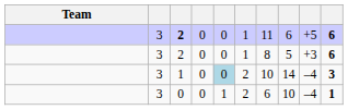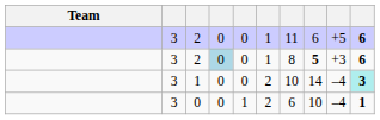 <table class="wikitable" style="text-align: center;">
 <tr>
 <th style="width:175px;">Team</th>
 <th width="20"></th>
 <th width="20"></th>
 <th width="20"></th>
 <th width="20"></th>
 <th width="20"></th>
 <th width="20"></th>
 <th width="20"></th>
 <th width="20"></th>
 <th width="20"></th>
 </tr>
 <tr bgcolor=#ccccff>
 <td align=left></td>
 <td>3</td>
-<td><strong>2</strong></td>
+<td>2</td>
 <td>0</td>
 <td>0</td>
 <td>1</td>
 <td>11</td>
 <td>6</td>
 <td>+5</td>
 <td><strong>6</strong></td>
 </tr>
 <tr>
 <td align=left></td>
 <td>3</td>
 <td>2</td>
-<td>0</td>
+<td style="background: lightblue;">0</td>
 <td>0</td>
 <td>1</td>
 <td>8</td>
-<td>5</td>
+<td><strong>5</strong></td>
 <td>+3</td>
 <td><strong>6</strong></td>
 </tr>
 <tr>
 <td align=left></td>
 <td>3</td>
 <td>1</td>
 <td>0</td>
-<td style="background: lightblue;">0</td>
+<td>0</td>
 <td>2</td>
 <td>10</td>
 <td>14</td>
 <td>–4</td>
-<td><strong>3</strong></td>
+<td style="background: paleturquoise;"><strong>3</strong></td>
 </tr>
 <tr>
 <td align=left></td>
 <td>3</td>
 <td>0</td>
 <td>0</td>
 <td>1</td>
 <td>2</td>
 <td>6</td>
 <td>10</td>
 <td>–4</td>
 <td><strong>1</strong></td>
 </tr>
 </table>
